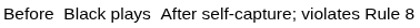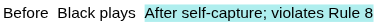 <table border="0" cellspacing="0" cellpadding="0">
 <tr valign="top">
 <td><br></td>
 <td>  </td>
 <td><br></td>
 <td>  </td>
 <td><br></td>
 </tr>
 <tr valign="top">
 <td>Before</td>
 <td>  </td>
 <td>Black plays</td>
 <td>  </td>
-<td>After self-capture; violates Rule 8</td>
+<td style="background: paleturquoise;">After self-capture; violates Rule 8</td>
 </tr>
 </table>
